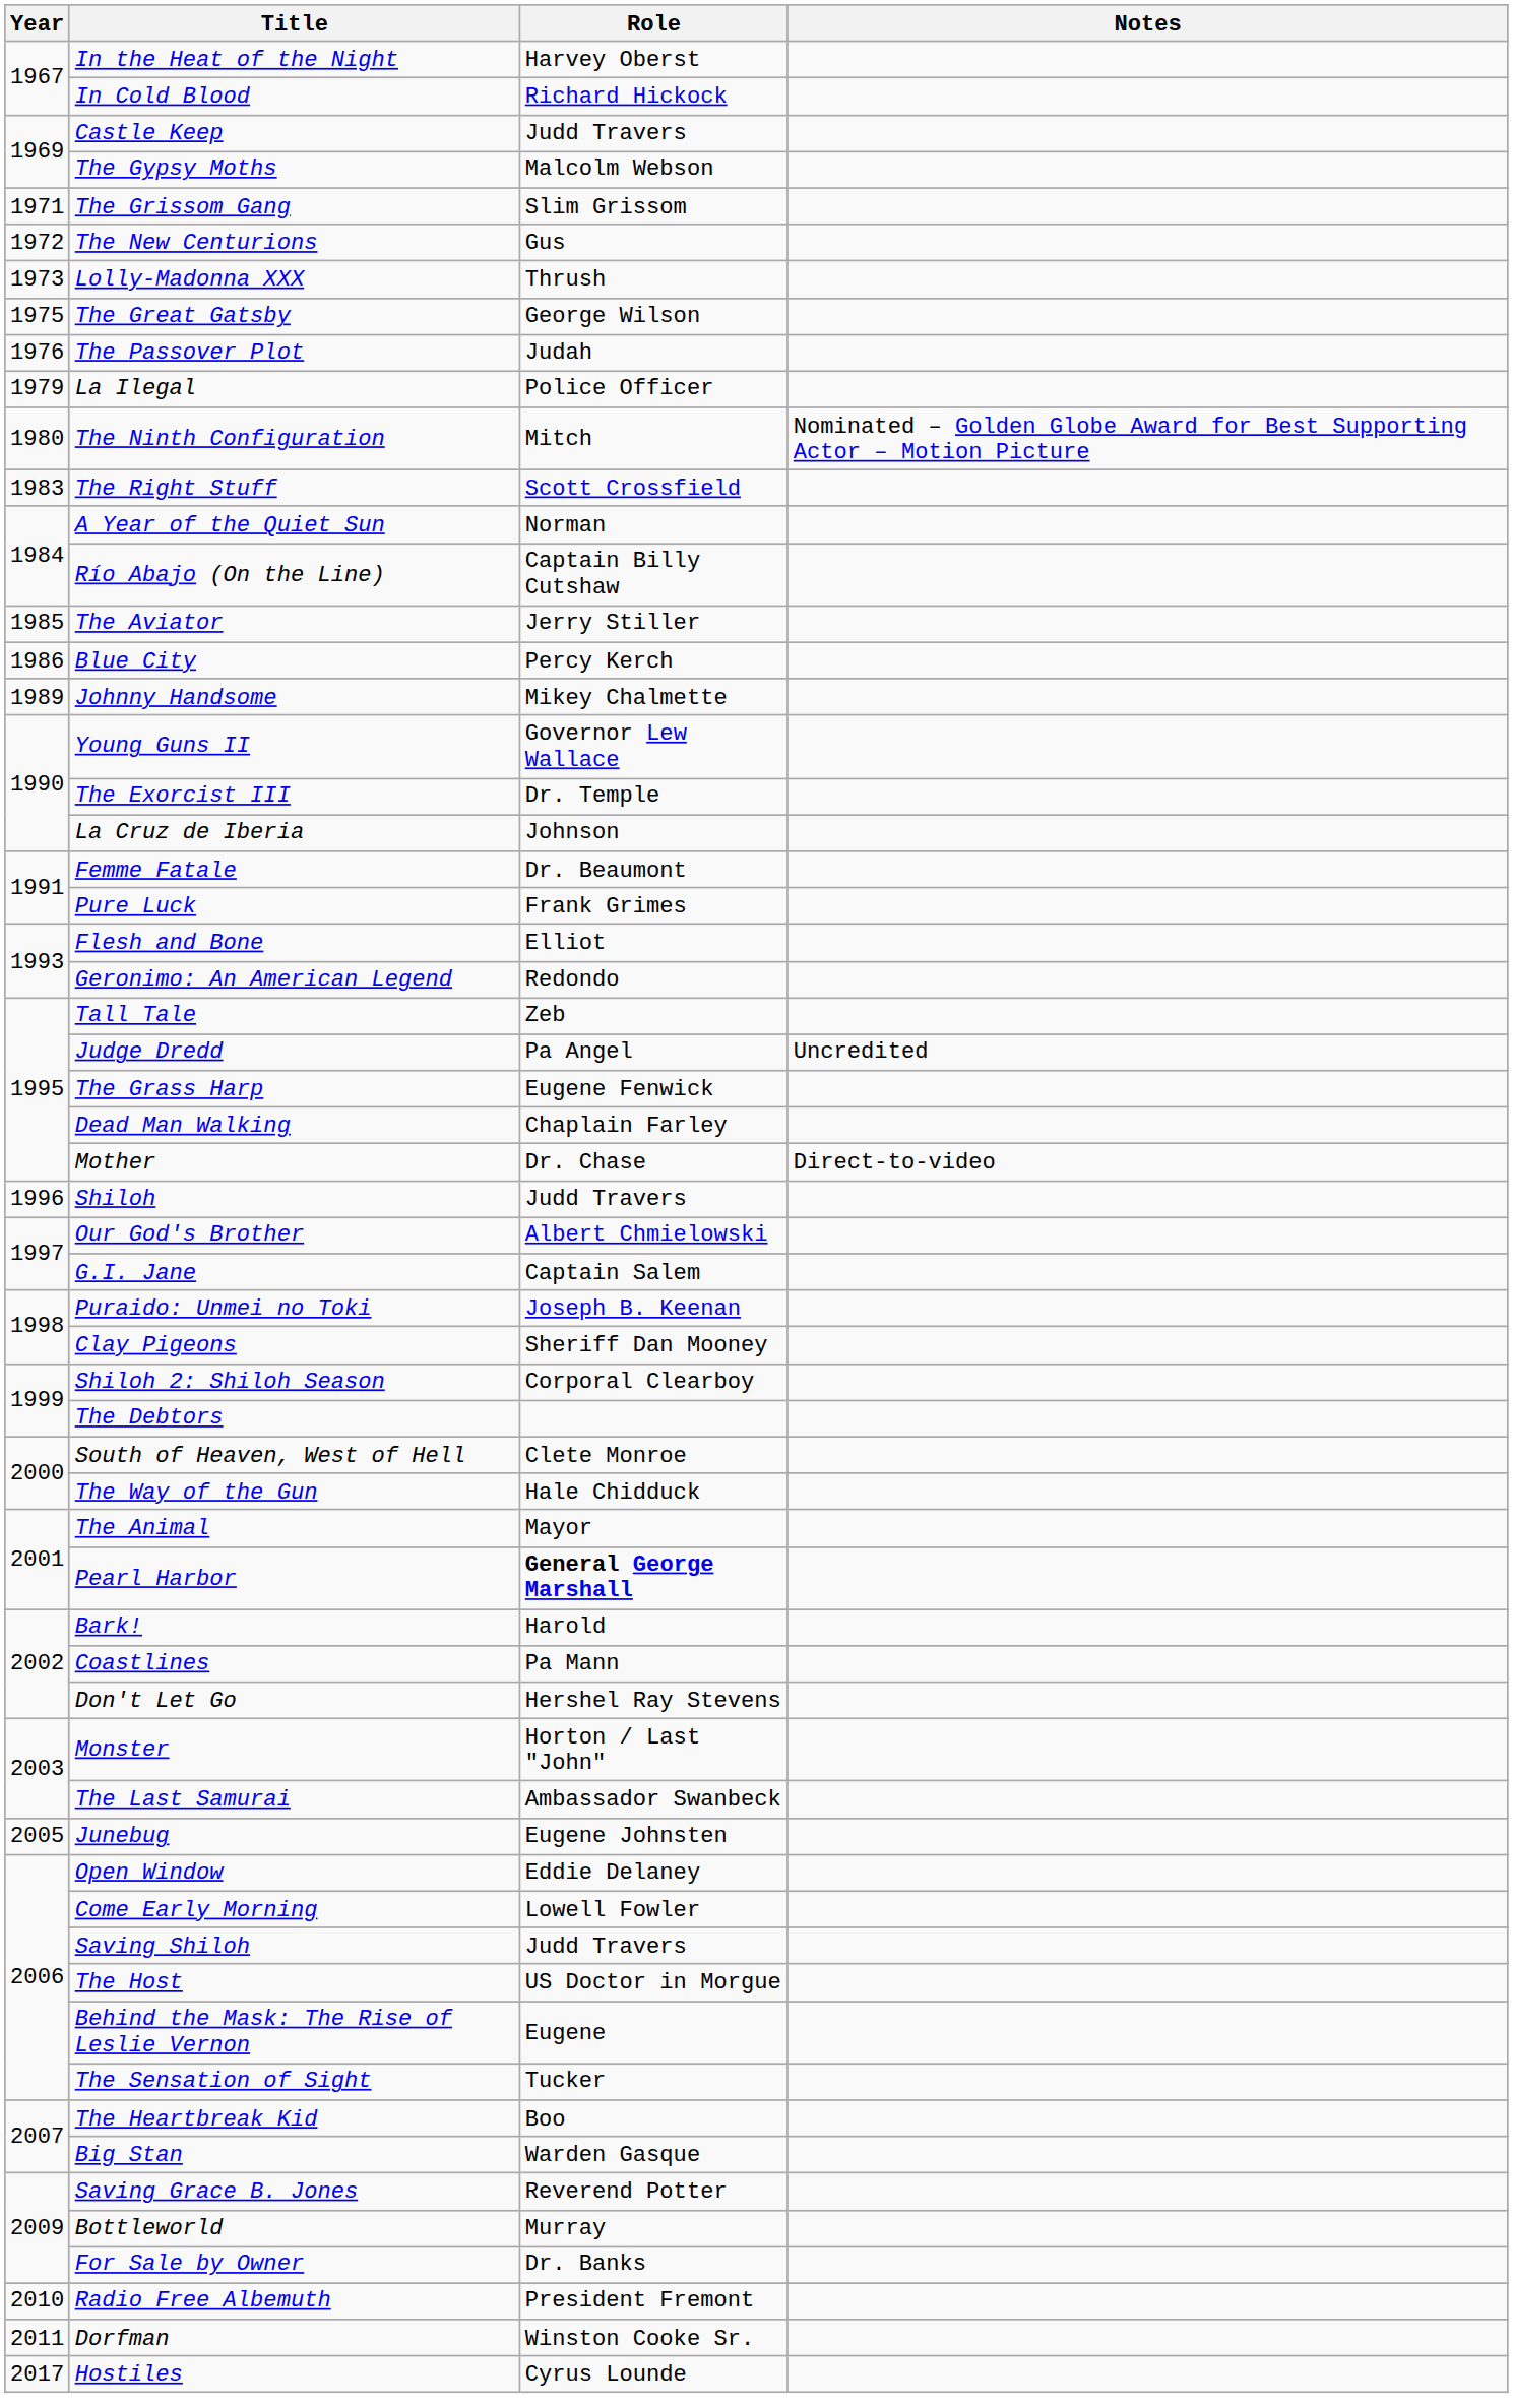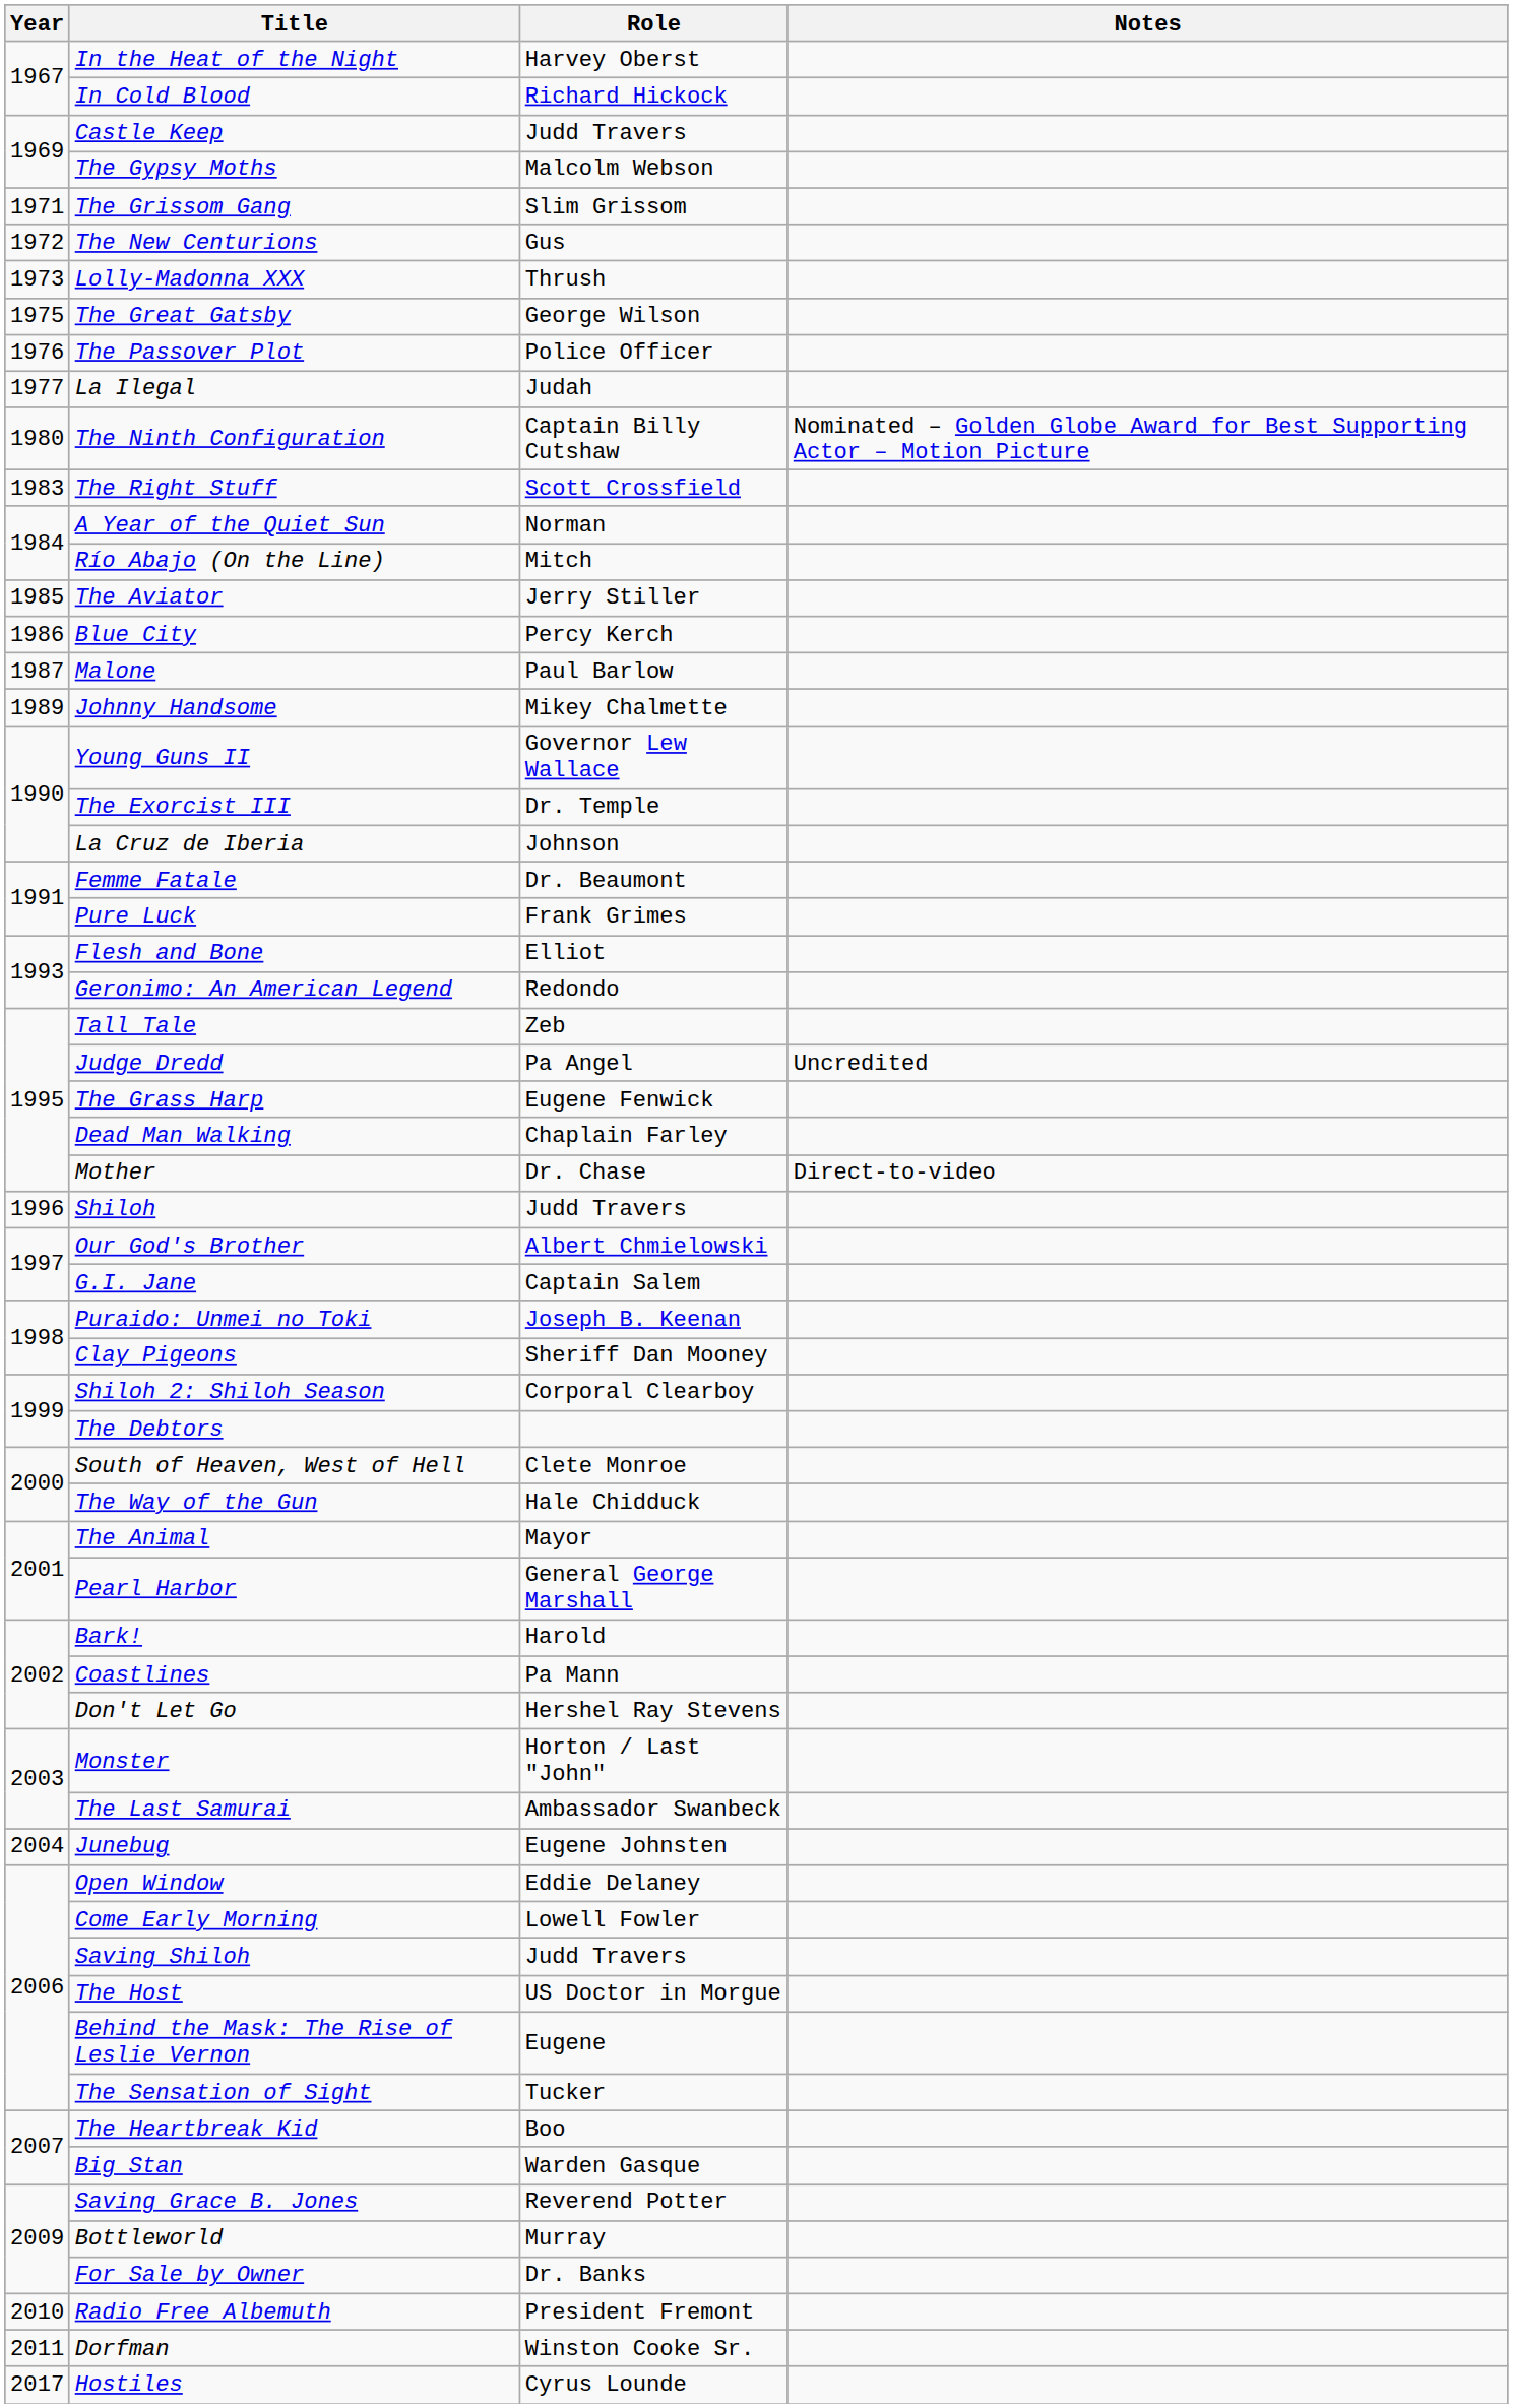 <table class="wikitable sortable">
 <tr>
 <th>Year</th>
 <th>Title</th>
 <th>Role</th>
 <th class="unsortable">Notes</th>
 </tr>
 <tr>
 <td rowspan="2">1967</td>
 <td><em><a href='#'>In the Heat of the Night</a></em></td>
 <td>Harvey Oberst</td>
 <td></td>
 </tr>
 <tr>
 <td><em><a href='#'>In Cold Blood</a></em></td>
 <td><a href='#'>Richard Hickock</a></td>
 <td></td>
 </tr>
 <tr>
 <td rowspan="2">1969</td>
 <td><em><a href='#'>Castle Keep</a></em></td>
 <td>Judd Travers</td>
 <td></td>
 </tr>
 <tr>
 <td><em><a href='#'>The Gypsy Moths</a></em></td>
 <td>Malcolm Webson</td>
 <td></td>
 </tr>
 <tr>
 <td>1971</td>
 <td><em><a href='#'>The Grissom Gang</a></em></td>
 <td>Slim Grissom</td>
 <td></td>
 </tr>
 <tr>
 <td>1972</td>
 <td><em><a href='#'>The New Centurions</a></em></td>
 <td>Gus</td>
 <td></td>
 </tr>
 <tr>
 <td>1973</td>
 <td><em><a href='#'>Lolly-Madonna XXX</a></em></td>
 <td>Thrush</td>
 <td></td>
 </tr>
 <tr>
 <td>1975</td>
 <td><em><a href='#'>The Great Gatsby</a></em></td>
 <td>George Wilson</td>
 <td></td>
 </tr>
 <tr>
 <td>1976</td>
 <td><em><a href='#'>The Passover Plot</a></em></td>
-<td>Judah</td>
+<td>Police Officer</td>
 <td></td>
 </tr>
 <tr>
-<td>1979</td>
+<td>1977</td>
 <td><em>La Ilegal</em></td>
-<td>Police Officer</td>
+<td>Judah</td>
 <td></td>
 </tr>
 <tr>
 <td>1980</td>
 <td><em><a href='#'>The Ninth Configuration</a></em></td>
-<td>Mitch</td>
+<td>Captain Billy Cutshaw</td>
 <td>Nominated – <a href='#'>Golden Globe Award for Best Supporting Actor – Motion Picture</a></td>
 </tr>
 <tr>
 <td>1983</td>
 <td><em><a href='#'>The Right Stuff</a></em></td>
 <td><a href='#'>Scott Crossfield</a></td>
 <td></td>
 </tr>
 <tr>
 <td rowspan="2">1984</td>
 <td><em><a href='#'>A Year of the Quiet Sun</a></em></td>
 <td>Norman</td>
 <td></td>
 </tr>
 <tr>
 <td><em><a href='#'>Río Abajo</a> (On the Line)</em></td>
-<td>Captain Billy Cutshaw</td>
+<td>Mitch</td>
 <td></td>
 </tr>
 <tr>
 <td>1985</td>
 <td><em><a href='#'>The Aviator</a></em></td>
 <td>Jerry Stiller</td>
 <td></td>
 </tr>
 <tr>
 <td>1986</td>
 <td><em><a href='#'>Blue City</a></em></td>
 <td>Percy Kerch</td>
+<td></td>
+</tr>
+<tr>
+<td>1987</td>
+<td><em><a href='#'>Malone</a></em></td>
+<td>Paul Barlow</td>
 <td></td>
 </tr>
 <tr>
 <td>1989</td>
 <td><em><a href='#'>Johnny Handsome</a></em></td>
 <td>Mikey Chalmette</td>
 <td></td>
 </tr>
 <tr>
 <td rowspan="3">1990</td>
 <td><em><a href='#'>Young Guns II</a></em></td>
 <td>Governor <a href='#'>Lew Wallace</a></td>
 <td></td>
 </tr>
 <tr>
 <td><em><a href='#'>The Exorcist III</a></em></td>
 <td>Dr. Temple</td>
 <td></td>
 </tr>
 <tr>
 <td><em>La Cruz de Iberia</em></td>
 <td>Johnson</td>
 <td></td>
 </tr>
 <tr>
 <td rowspan="2">1991</td>
 <td><em><a href='#'>Femme Fatale</a></em></td>
 <td>Dr. Beaumont</td>
 <td></td>
 </tr>
 <tr>
 <td><em><a href='#'>Pure Luck</a></em></td>
 <td>Frank Grimes</td>
 <td></td>
 </tr>
 <tr>
 <td rowspan="2">1993</td>
 <td><em><a href='#'>Flesh and Bone</a></em></td>
 <td>Elliot</td>
 <td></td>
 </tr>
 <tr>
 <td><em><a href='#'>Geronimo: An American Legend</a></em></td>
 <td>Redondo</td>
 <td></td>
 </tr>
 <tr>
 <td rowspan="5">1995</td>
 <td><em><a href='#'>Tall Tale</a></em></td>
 <td>Zeb</td>
 <td></td>
 </tr>
 <tr>
 <td><em><a href='#'>Judge Dredd</a></em></td>
 <td>Pa Angel</td>
 <td>Uncredited</td>
 </tr>
 <tr>
 <td><em><a href='#'>The Grass Harp</a></em></td>
 <td>Eugene Fenwick</td>
 <td></td>
 </tr>
 <tr>
 <td><em><a href='#'>Dead Man Walking</a></em></td>
 <td>Chaplain Farley</td>
 <td></td>
 </tr>
 <tr>
 <td><em>Mother</em></td>
 <td>Dr. Chase</td>
 <td>Direct-to-video</td>
 </tr>
 <tr>
 <td>1996</td>
 <td><em><a href='#'>Shiloh</a></em></td>
 <td>Judd Travers</td>
 <td></td>
 </tr>
 <tr>
 <td rowspan="2">1997</td>
 <td><em><a href='#'>Our God's Brother</a></em></td>
 <td><a href='#'>Albert Chmielowski</a></td>
 <td></td>
 </tr>
 <tr>
 <td><em><a href='#'>G.I. Jane</a></em></td>
 <td>Captain Salem</td>
 <td></td>
 </tr>
 <tr>
 <td rowspan="2">1998</td>
 <td><em><a href='#'>Puraido: Unmei no Toki</a></em></td>
 <td><a href='#'>Joseph B. Keenan</a></td>
 <td></td>
 </tr>
 <tr>
 <td><em><a href='#'>Clay Pigeons</a></em></td>
 <td>Sheriff Dan Mooney</td>
 <td></td>
 </tr>
 <tr>
 <td rowspan="2">1999</td>
 <td><em><a href='#'>Shiloh 2: Shiloh Season</a></em></td>
 <td>Corporal Clearboy</td>
 <td></td>
 </tr>
 <tr>
 <td><em><a href='#'>The Debtors</a></em></td>
 <td></td>
 <td></td>
 </tr>
 <tr>
 <td rowspan="2">2000</td>
 <td><em>South of Heaven, West of Hell</em></td>
 <td>Clete Monroe</td>
 <td></td>
 </tr>
 <tr>
 <td><em><a href='#'>The Way of the Gun</a></em></td>
 <td>Hale Chidduck</td>
 <td></td>
 </tr>
 <tr>
 <td rowspan="2">2001</td>
 <td><em><a href='#'>The Animal</a></em></td>
 <td>Mayor</td>
 <td></td>
 </tr>
 <tr>
 <td><em><a href='#'>Pearl Harbor</a></em></td>
-<td><strong>General <a href='#'>George Marshall</a></strong></td>
+<td>General <a href='#'>George Marshall</a></td>
 <td></td>
 </tr>
 <tr>
 <td rowspan="3">2002</td>
 <td><em><a href='#'>Bark!</a></em></td>
 <td>Harold</td>
 <td></td>
 </tr>
 <tr>
 <td><em><a href='#'>Coastlines</a></em></td>
 <td>Pa Mann</td>
 <td></td>
 </tr>
 <tr>
 <td><em>Don't Let Go</em></td>
 <td>Hershel Ray Stevens</td>
 <td></td>
 </tr>
 <tr>
 <td rowspan="2">2003</td>
 <td><em><a href='#'>Monster</a></em></td>
 <td>Horton / Last "John"</td>
 <td></td>
 </tr>
 <tr>
 <td><em><a href='#'>The Last Samurai</a></em></td>
 <td>Ambassador Swanbeck</td>
 <td></td>
 </tr>
 <tr>
-<td>2005</td>
+<td>2004</td>
 <td><em><a href='#'>Junebug</a></em></td>
 <td>Eugene Johnsten</td>
 <td></td>
 </tr>
 <tr>
 <td rowspan="6">2006</td>
 <td><em><a href='#'>Open Window</a></em></td>
 <td>Eddie Delaney</td>
 <td></td>
 </tr>
 <tr>
 <td><em><a href='#'>Come Early Morning</a></em></td>
 <td>Lowell Fowler</td>
 <td></td>
 </tr>
 <tr>
 <td><em><a href='#'>Saving Shiloh</a></em></td>
 <td>Judd Travers</td>
 <td></td>
 </tr>
 <tr>
 <td><em><a href='#'>The Host</a></em></td>
 <td>US Doctor in Morgue</td>
 <td></td>
 </tr>
 <tr>
 <td><em><a href='#'>Behind the Mask: The Rise of Leslie Vernon</a></em></td>
 <td>Eugene</td>
 <td></td>
 </tr>
 <tr>
 <td><em><a href='#'>The Sensation of Sight</a></em></td>
 <td>Tucker</td>
 <td></td>
 </tr>
 <tr>
 <td rowspan="2">2007</td>
 <td><em><a href='#'>The Heartbreak Kid</a></em></td>
 <td>Boo</td>
 <td></td>
 </tr>
 <tr>
 <td><em><a href='#'>Big Stan</a></em></td>
 <td>Warden Gasque</td>
 <td></td>
 </tr>
 <tr>
 <td rowspan="3">2009</td>
 <td><em><a href='#'>Saving Grace B. Jones</a></em></td>
 <td>Reverend Potter</td>
 <td></td>
 </tr>
 <tr>
 <td><em>Bottleworld</em></td>
 <td>Murray</td>
 <td></td>
 </tr>
 <tr>
 <td><em><a href='#'>For Sale by Owner</a></em></td>
 <td>Dr. Banks</td>
 <td></td>
 </tr>
 <tr>
 <td>2010</td>
 <td><em><a href='#'>Radio Free Albemuth</a></em></td>
 <td>President Fremont</td>
 <td></td>
 </tr>
 <tr>
 <td>2011</td>
 <td><em>Dorfman</em></td>
 <td>Winston Cooke Sr.</td>
 <td></td>
 </tr>
 <tr>
 <td>2017</td>
 <td><em><a href='#'>Hostiles</a></em></td>
 <td>Cyrus Lounde</td>
 <td></td>
 </tr>
 </table>
